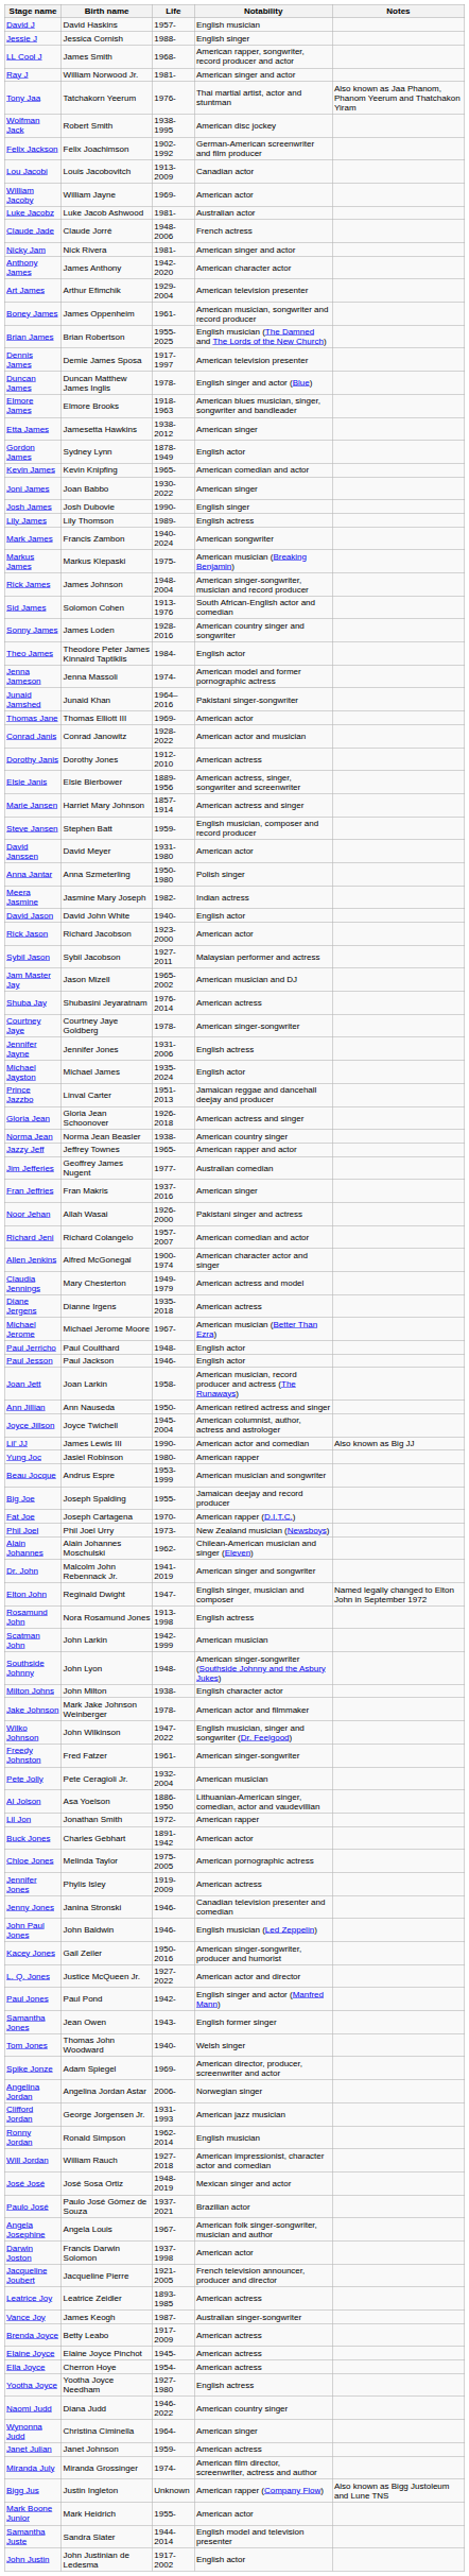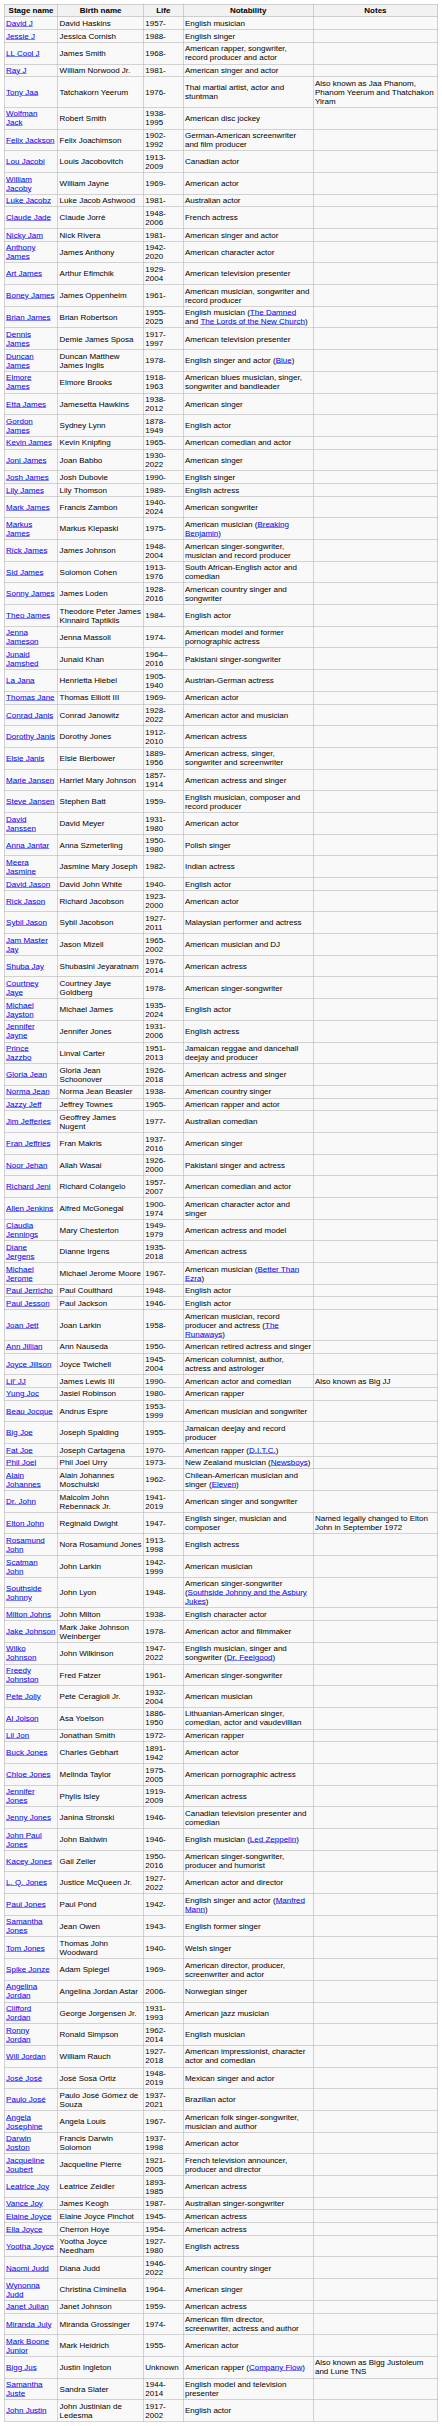 <table class="wikitable sortable">
 <tr>
 <th>Stage name</th>
 <th>Birth name</th>
 <th>Life</th>
 <th>Notability</th>
 <th>Notes</th>
 </tr>
 <tr>
 <td><a href='#'>David J</a></td>
 <td>David Haskins</td>
 <td>1957-</td>
 <td>English musician</td>
 <td></td>
 </tr>
 <tr>
 <td><a href='#'>Jessie J</a></td>
 <td>Jessica Cornish</td>
 <td>1988-</td>
 <td>English singer</td>
 <td></td>
 </tr>
 <tr>
 <td><a href='#'>LL Cool J</a></td>
 <td>James Smith</td>
 <td>1968-</td>
 <td>American rapper, songwriter, record producer and actor</td>
 <td></td>
 </tr>
 <tr>
 <td><a href='#'>Ray J</a></td>
 <td>William Norwood Jr.</td>
 <td>1981-</td>
 <td>American singer and actor</td>
 <td></td>
 </tr>
 <tr>
 <td><a href='#'>Tony Jaa</a></td>
 <td>Tatchakorn Yeerum</td>
 <td>1976-</td>
 <td>Thai martial artist, actor and stuntman</td>
 <td>Also known as Jaa Phanom, Phanom Yeerum and Thatchakon Yiram</td>
 </tr>
 <tr>
 <td><a href='#'>Wolfman Jack</a></td>
 <td>Robert Smith</td>
 <td>1938-1995</td>
 <td>American disc jockey</td>
 <td></td>
 </tr>
 <tr>
 <td><a href='#'>Felix Jackson</a></td>
 <td>Felix Joachimson</td>
 <td>1902-1992</td>
 <td>German-American screenwriter and film producer</td>
 <td></td>
 </tr>
 <tr>
 <td><a href='#'>Lou Jacobi</a></td>
 <td>Louis Jacobovitch</td>
 <td>1913-2009</td>
 <td>Canadian actor</td>
 <td></td>
 </tr>
 <tr>
 <td><a href='#'>William Jacoby</a></td>
 <td>William Jayne</td>
 <td>1969-</td>
 <td>American actor</td>
 <td></td>
 </tr>
 <tr>
 <td><a href='#'>Luke Jacobz</a></td>
 <td>Luke Jacob Ashwood</td>
 <td>1981-</td>
 <td>Australian actor</td>
 <td></td>
 </tr>
 <tr>
 <td><a href='#'>Claude Jade</a></td>
 <td>Claude Jorré</td>
 <td>1948-2006</td>
 <td>French actress</td>
 <td></td>
 </tr>
 <tr>
 <td><a href='#'>Nicky Jam</a></td>
 <td>Nick Rivera</td>
 <td>1981-</td>
 <td>American singer and actor</td>
 <td></td>
 </tr>
 <tr>
 <td><a href='#'>Anthony James</a></td>
 <td>James Anthony</td>
 <td>1942-2020</td>
 <td>American character actor</td>
 <td></td>
 </tr>
 <tr>
 <td><a href='#'>Art James</a></td>
 <td>Arthur Efimchik</td>
 <td>1929-2004</td>
 <td>American television presenter</td>
 <td></td>
 </tr>
 <tr>
 <td><a href='#'>Boney James</a></td>
 <td>James Oppenheim</td>
 <td>1961-</td>
 <td>American musician, songwriter and record producer</td>
 <td></td>
 </tr>
 <tr>
 <td><a href='#'>Brian James</a></td>
 <td>Brian Robertson</td>
 <td>1955-2025</td>
 <td>English musician (<a href='#'>The Damned</a> and <a href='#'>The Lords of the New Church</a>)</td>
 <td></td>
 </tr>
 <tr>
 <td><a href='#'>Dennis James</a></td>
 <td>Demie James Sposa</td>
 <td>1917-1997</td>
 <td>American television presenter</td>
 <td></td>
 </tr>
 <tr>
 <td><a href='#'>Duncan James</a></td>
 <td>Duncan Matthew James Inglis</td>
 <td>1978-</td>
 <td>English singer and actor (<a href='#'>Blue</a>)</td>
 <td></td>
 </tr>
 <tr>
 <td><a href='#'>Elmore James</a></td>
 <td>Elmore Brooks</td>
 <td>1918-1963</td>
 <td>American blues musician, singer, songwriter and bandleader</td>
 <td></td>
 </tr>
 <tr>
 <td><a href='#'>Etta James</a></td>
 <td>Jamesetta Hawkins</td>
 <td>1938-2012</td>
 <td>American singer</td>
 <td></td>
 </tr>
 <tr>
 <td><a href='#'>Gordon James</a></td>
 <td>Sydney Lynn</td>
 <td>1878-1949</td>
 <td>English actor</td>
 <td></td>
 </tr>
 <tr>
 <td><a href='#'>Kevin James</a></td>
 <td>Kevin Knipfing</td>
 <td>1965-</td>
 <td>American comedian and actor</td>
 <td></td>
 </tr>
 <tr>
 <td><a href='#'>Joni James</a></td>
 <td>Joan Babbo</td>
 <td>1930-2022</td>
 <td>American singer</td>
 <td></td>
 </tr>
 <tr>
 <td><a href='#'>Josh James</a></td>
 <td>Josh Dubovie</td>
 <td>1990-</td>
 <td>English singer</td>
 <td></td>
 </tr>
 <tr>
 <td><a href='#'>Lily James</a></td>
 <td>Lily Thomson</td>
 <td>1989-</td>
 <td>English actress</td>
 <td></td>
 </tr>
 <tr>
 <td><a href='#'>Mark James</a></td>
 <td>Francis Zambon</td>
 <td>1940-2024</td>
 <td>American songwriter</td>
 <td></td>
 </tr>
 <tr>
 <td><a href='#'>Markus James</a></td>
 <td>Markus Klepaski</td>
 <td>1975-</td>
 <td>American musician (<a href='#'>Breaking Benjamin</a>)</td>
 <td></td>
 </tr>
 <tr>
 <td><a href='#'>Rick James</a></td>
 <td>James Johnson</td>
 <td>1948-2004</td>
 <td>American singer-songwriter, musician and record producer</td>
 <td></td>
 </tr>
 <tr>
 <td><a href='#'>Sid James</a></td>
 <td>Solomon Cohen</td>
 <td>1913-1976</td>
 <td>South African-English actor and comedian</td>
 <td></td>
 </tr>
 <tr>
 <td><a href='#'>Sonny James</a></td>
 <td>James Loden</td>
 <td>1928-2016</td>
 <td>American country singer and songwriter</td>
 <td></td>
 </tr>
 <tr>
 <td><a href='#'>Theo James</a></td>
 <td>Theodore Peter James Kinnaird Taptiklis</td>
 <td>1984-</td>
 <td>English actor</td>
 <td></td>
 </tr>
 <tr>
 <td><a href='#'>Jenna Jameson</a></td>
 <td>Jenna Massoli</td>
 <td>1974-</td>
 <td>American model and former pornographic actress</td>
 <td></td>
 </tr>
 <tr>
 <td><a href='#'>Junaid Jamshed</a></td>
 <td>Junaid Khan</td>
 <td>1964–2016</td>
 <td>Pakistani singer-songwriter</td>
 <td></td>
 </tr>
 <tr>
+<td><a href='#'>La Jana</a></td>
+<td>Henrietta Hiebel</td>
+<td>1905-1940</td>
+<td>Austrian-German actress</td>
+<td></td>
+</tr>
+<tr>
 <td><a href='#'>Thomas Jane</a></td>
 <td>Thomas Elliott III</td>
 <td>1969-</td>
 <td>American actor</td>
 <td></td>
 </tr>
 <tr>
 <td><a href='#'>Conrad Janis</a></td>
 <td>Conrad Janowitz</td>
 <td>1928-2022</td>
 <td>American actor and musician</td>
 <td></td>
 </tr>
 <tr>
 <td><a href='#'>Dorothy Janis</a></td>
 <td>Dorothy Jones</td>
 <td>1912-2010</td>
 <td>American actress</td>
 <td></td>
 </tr>
 <tr>
 <td><a href='#'>Elsie Janis</a></td>
 <td>Elsie Bierbower</td>
 <td>1889-1956</td>
 <td>American actress, singer, songwriter and screenwriter</td>
 <td></td>
 </tr>
 <tr>
 <td><a href='#'>Marie Jansen</a></td>
 <td>Harriet Mary Johnson</td>
 <td>1857-1914</td>
 <td>American actress and singer</td>
 <td></td>
 </tr>
 <tr>
 <td><a href='#'>Steve Jansen</a></td>
 <td>Stephen Batt</td>
 <td>1959-</td>
 <td>English musician, composer and record producer</td>
 <td></td>
 </tr>
 <tr>
 <td><a href='#'>David Janssen</a></td>
 <td>David Meyer</td>
 <td>1931-1980</td>
 <td>American actor</td>
 <td></td>
 </tr>
 <tr>
 <td><a href='#'>Anna Jantar</a></td>
 <td>Anna Szmeterling</td>
 <td>1950-1980</td>
 <td>Polish singer</td>
 <td></td>
 </tr>
 <tr>
 <td><a href='#'>Meera Jasmine</a></td>
 <td>Jasmine Mary Joseph</td>
 <td>1982-</td>
 <td>Indian actress</td>
 <td></td>
 </tr>
 <tr>
 <td><a href='#'>David Jason</a></td>
 <td>David John White</td>
 <td>1940-</td>
 <td>English actor</td>
 <td></td>
 </tr>
 <tr>
 <td><a href='#'>Rick Jason</a></td>
 <td>Richard Jacobson</td>
 <td>1923-2000</td>
 <td>American actor</td>
 <td></td>
 </tr>
 <tr>
 <td><a href='#'>Sybil Jason</a></td>
 <td>Sybil Jacobson</td>
 <td>1927-2011</td>
 <td>Malaysian performer and actress</td>
 <td></td>
 </tr>
 <tr>
 <td><a href='#'>Jam Master Jay</a></td>
 <td>Jason Mizell</td>
 <td>1965-2002</td>
 <td>American musician and DJ</td>
 <td></td>
 </tr>
 <tr>
 <td><a href='#'>Shuba Jay</a></td>
 <td>Shubasini Jeyaratnam</td>
 <td>1976-2014</td>
 <td>American actress</td>
 <td></td>
 </tr>
 <tr>
 <td><a href='#'>Courtney Jaye</a></td>
 <td>Courtney Jaye Goldberg</td>
 <td>1978-</td>
 <td>American singer-songwriter</td>
 <td></td>
 </tr>
 <tr>
+<td><a href='#'>Michael Jayston</a></td>
+<td>Michael James</td>
+<td>1935-2024</td>
+<td>English actor</td>
+<td></td>
+</tr>
+<tr>
 <td><a href='#'>Jennifer Jayne</a></td>
 <td>Jennifer Jones</td>
 <td>1931-2006</td>
 <td>English actress</td>
-<td></td>
-</tr>
-<tr>
-<td><a href='#'>Michael Jayston</a></td>
-<td>Michael James</td>
-<td>1935-2024</td>
-<td>English actor</td>
 <td></td>
 </tr>
 <tr>
 <td><a href='#'>Prince Jazzbo</a></td>
 <td>Linval Carter</td>
 <td>1951-2013</td>
 <td>Jamaican reggae and dancehall deejay and producer</td>
 <td></td>
 </tr>
 <tr>
 <td><a href='#'>Gloria Jean</a></td>
 <td>Gloria Jean Schoonover</td>
 <td>1926-2018</td>
 <td>American actress and singer</td>
 <td></td>
 </tr>
 <tr>
 <td><a href='#'>Norma Jean</a></td>
 <td>Norma Jean Beasler</td>
 <td>1938-</td>
 <td>American country singer</td>
 <td></td>
 </tr>
 <tr>
 <td><a href='#'>Jazzy Jeff</a></td>
 <td>Jeffrey Townes</td>
 <td>1965-</td>
 <td>American rapper and actor</td>
 <td></td>
 </tr>
 <tr>
 <td><a href='#'>Jim Jefferies</a></td>
 <td>Geoffrey James Nugent</td>
 <td>1977-</td>
 <td>Australian comedian</td>
 <td></td>
 </tr>
 <tr>
 <td><a href='#'>Fran Jeffries</a></td>
 <td>Fran Makris</td>
 <td>1937-2016</td>
 <td>American singer</td>
 <td></td>
 </tr>
 <tr>
 <td><a href='#'>Noor Jehan</a></td>
 <td>Allah Wasai</td>
 <td>1926-2000</td>
 <td>Pakistani singer and actress</td>
 <td></td>
 </tr>
 <tr>
 <td><a href='#'>Richard Jeni</a></td>
 <td>Richard Colangelo</td>
 <td>1957-2007</td>
 <td>American comedian and actor</td>
 <td></td>
 </tr>
 <tr>
 <td><a href='#'>Allen Jenkins</a></td>
 <td>Alfred McGonegal</td>
 <td>1900-1974</td>
 <td>American character actor and singer</td>
 <td></td>
 </tr>
 <tr>
 <td><a href='#'>Claudia Jennings</a></td>
 <td>Mary Chesterton</td>
 <td>1949-1979</td>
 <td>American actress and model</td>
 <td></td>
 </tr>
 <tr>
 <td><a href='#'>Diane Jergens</a></td>
 <td>Dianne Irgens</td>
 <td>1935-2018</td>
 <td>American actress</td>
 <td></td>
 </tr>
 <tr>
 <td><a href='#'>Michael Jerome</a></td>
 <td>Michael Jerome Moore</td>
 <td>1967-</td>
 <td>American musician (<a href='#'>Better Than Ezra</a>)</td>
 <td></td>
 </tr>
 <tr>
 <td><a href='#'>Paul Jerricho</a></td>
 <td>Paul Coulthard</td>
 <td>1948-</td>
 <td>English actor</td>
 <td></td>
 </tr>
 <tr>
 <td><a href='#'>Paul Jesson</a></td>
 <td>Paul Jackson</td>
 <td>1946-</td>
 <td>English actor</td>
 <td></td>
 </tr>
 <tr>
 <td><a href='#'>Joan Jett</a></td>
 <td>Joan Larkin</td>
 <td>1958-</td>
 <td>American musician, record producer and actress (<a href='#'>The Runaways</a>)</td>
 <td></td>
 </tr>
 <tr>
 <td><a href='#'>Ann Jillian</a></td>
 <td>Ann Nauseda</td>
 <td>1950-</td>
 <td>American retired actress and singer</td>
 <td></td>
 </tr>
 <tr>
 <td><a href='#'>Joyce Jillson</a></td>
 <td>Joyce Twichell</td>
 <td>1945-2004</td>
 <td>American columnist, author, actress and astrologer</td>
 <td></td>
 </tr>
 <tr>
 <td><a href='#'>Lil' JJ</a></td>
 <td>James Lewis III</td>
 <td>1990-</td>
 <td>American actor and comedian</td>
 <td>Also known as Big JJ</td>
 </tr>
 <tr>
 <td><a href='#'>Yung Joc</a></td>
 <td>Jasiel Robinson</td>
 <td>1980-</td>
 <td>American rapper</td>
 <td></td>
 </tr>
 <tr>
 <td><a href='#'>Beau Jocque</a></td>
 <td>Andrus Espre</td>
 <td>1953-1999</td>
 <td>American musician and songwriter</td>
 <td></td>
 </tr>
 <tr>
 <td><a href='#'>Big Joe</a></td>
 <td>Joseph Spalding</td>
 <td>1955-</td>
 <td>Jamaican deejay and record producer</td>
 <td></td>
 </tr>
 <tr>
 <td><a href='#'>Fat Joe</a></td>
 <td>Joseph Cartagena</td>
 <td>1970-</td>
 <td>American rapper (<a href='#'>D.I.T.C.</a>)</td>
 <td></td>
 </tr>
 <tr>
 <td><a href='#'>Phil Joel</a></td>
 <td>Phil Joel Urry</td>
 <td>1973-</td>
 <td>New Zealand musician (<a href='#'>Newsboys</a>)</td>
 <td></td>
 </tr>
 <tr>
 <td><a href='#'>Alain Johannes</a></td>
 <td>Alain Johannes Moschulski</td>
 <td>1962-</td>
 <td>Chilean-American musician and singer (<a href='#'>Eleven</a>)</td>
 <td></td>
 </tr>
 <tr>
 <td><a href='#'>Dr. John</a></td>
 <td>Malcolm John Rebennack Jr.</td>
 <td>1941-2019</td>
 <td>American singer and songwriter</td>
 <td></td>
 </tr>
 <tr>
 <td><a href='#'>Elton John</a></td>
 <td>Reginald Dwight</td>
 <td>1947-</td>
 <td>English singer, musician and composer</td>
 <td>Named legally changed to Elton John in September 1972</td>
 </tr>
 <tr>
 <td><a href='#'>Rosamund John</a></td>
 <td>Nora Rosamund Jones</td>
 <td>1913-1998</td>
 <td>English actress</td>
 <td></td>
 </tr>
 <tr>
 <td><a href='#'>Scatman John</a></td>
 <td>John Larkin</td>
 <td>1942-1999</td>
 <td>American musician</td>
 <td></td>
 </tr>
 <tr>
 <td><a href='#'>Southside Johnny</a></td>
 <td>John Lyon</td>
 <td>1948-</td>
 <td>American singer-songwriter (<a href='#'>Southside Johnny and the Asbury Jukes</a>)</td>
 <td></td>
 </tr>
 <tr>
 <td><a href='#'>Milton Johns</a></td>
 <td>John Milton</td>
 <td>1938-</td>
 <td>English character actor</td>
 <td></td>
 </tr>
 <tr>
 <td><a href='#'>Jake Johnson</a></td>
 <td>Mark Jake Johnson Weinberger</td>
 <td>1978-</td>
 <td>American actor and filmmaker</td>
 <td></td>
 </tr>
 <tr>
 <td><a href='#'>Wilko Johnson</a></td>
 <td>John Wilkinson</td>
 <td>1947-2022</td>
 <td>English musician, singer and songwriter (<a href='#'>Dr. Feelgood</a>)</td>
 <td></td>
 </tr>
 <tr>
 <td><a href='#'>Freedy Johnston</a></td>
 <td>Fred Fatzer</td>
 <td>1961-</td>
 <td>American singer-songwriter</td>
 <td></td>
 </tr>
 <tr>
 <td><a href='#'>Pete Jolly</a></td>
 <td>Pete Ceragioli Jr.</td>
 <td>1932-2004</td>
 <td>American musician</td>
 <td></td>
 </tr>
 <tr>
 <td><a href='#'>Al Jolson</a></td>
 <td>Asa Yoelson</td>
 <td>1886-1950</td>
 <td>Lithuanian-American singer, comedian, actor and vaudevillian</td>
 <td></td>
 </tr>
 <tr>
 <td><a href='#'>Lil Jon</a></td>
 <td>Jonathan Smith</td>
 <td>1972-</td>
 <td>American rapper</td>
 <td></td>
 </tr>
 <tr>
 <td><a href='#'>Buck Jones</a></td>
 <td>Charles Gebhart</td>
 <td>1891-1942</td>
 <td>American actor</td>
 <td></td>
 </tr>
 <tr>
 <td><a href='#'>Chloe Jones</a></td>
 <td>Melinda Taylor</td>
 <td>1975-2005</td>
 <td>American pornographic actress</td>
 <td></td>
 </tr>
 <tr>
 <td><a href='#'>Jennifer Jones</a></td>
 <td>Phylis Isley</td>
 <td>1919-2009</td>
 <td>American actress</td>
 <td></td>
 </tr>
 <tr>
 <td><a href='#'>Jenny Jones</a></td>
 <td>Janina Stronski</td>
 <td>1946-</td>
 <td>Canadian television presenter and comedian</td>
 <td></td>
 </tr>
 <tr>
 <td><a href='#'>John Paul Jones</a></td>
 <td>John Baldwin</td>
 <td>1946-</td>
 <td>English musician (<a href='#'>Led Zeppelin</a>)</td>
 <td></td>
 </tr>
 <tr>
 <td><a href='#'>Kacey Jones</a></td>
 <td>Gail Zeiler</td>
 <td>1950-2016</td>
 <td>American singer-songwriter, producer and humorist</td>
 <td></td>
 </tr>
 <tr>
 <td><a href='#'>L. Q. Jones</a></td>
 <td>Justice McQueen Jr.</td>
 <td>1927-2022</td>
 <td>American actor and director</td>
 <td></td>
 </tr>
 <tr>
 <td><a href='#'>Paul Jones</a></td>
 <td>Paul Pond</td>
 <td>1942-</td>
 <td>English singer and actor (<a href='#'>Manfred Mann</a>)</td>
 <td></td>
 </tr>
 <tr>
 <td><a href='#'>Samantha Jones</a></td>
 <td>Jean Owen</td>
 <td>1943-</td>
 <td>English former singer</td>
 <td></td>
 </tr>
 <tr>
 <td><a href='#'>Tom Jones</a></td>
 <td>Thomas John Woodward</td>
 <td>1940-</td>
 <td>Welsh singer</td>
 <td></td>
 </tr>
 <tr>
 <td><a href='#'>Spike Jonze</a></td>
 <td>Adam Spiegel</td>
 <td>1969-</td>
 <td>American director, producer, screenwriter and actor</td>
 <td></td>
 </tr>
 <tr>
 <td><a href='#'>Angelina Jordan</a></td>
 <td>Angelina Jordan Astar</td>
 <td>2006-</td>
 <td>Norwegian singer</td>
 <td></td>
 </tr>
 <tr>
 <td><a href='#'>Clifford Jordan</a></td>
 <td>George Jorgensen Jr.</td>
 <td>1931-1993</td>
 <td>American jazz musician</td>
 <td></td>
 </tr>
 <tr>
 <td><a href='#'>Ronny Jordan</a></td>
 <td>Ronald Simpson</td>
 <td>1962-2014</td>
 <td>English musician</td>
 <td></td>
 </tr>
 <tr>
 <td><a href='#'>Will Jordan</a></td>
 <td>William Rauch</td>
 <td>1927-2018</td>
 <td>American impressionist, character actor and comedian</td>
 <td></td>
 </tr>
 <tr>
 <td><a href='#'>José José</a></td>
 <td>José Sosa Ortiz</td>
 <td>1948-2019</td>
 <td>Mexican singer and actor</td>
 <td></td>
 </tr>
 <tr>
 <td><a href='#'>Paulo José</a></td>
 <td>Paulo José Gómez de Souza</td>
 <td>1937-2021</td>
 <td>Brazilian actor</td>
 <td></td>
 </tr>
 <tr>
 <td><a href='#'>Angela Josephine</a></td>
 <td>Angela Louis</td>
 <td>1967-</td>
 <td>American folk singer-songwriter, musician and author</td>
 <td></td>
 </tr>
 <tr>
 <td><a href='#'>Darwin Joston</a></td>
 <td>Francis Darwin Solomon</td>
 <td>1937-1998</td>
 <td>American actor</td>
 <td></td>
 </tr>
 <tr>
 <td><a href='#'>Jacqueline Joubert</a></td>
 <td>Jacqueline Pierre</td>
 <td>1921-2005</td>
 <td>French television announcer, producer and director</td>
 <td></td>
 </tr>
 <tr>
 <td><a href='#'>Leatrice Joy</a></td>
 <td>Leatrice Zeidler</td>
 <td>1893-1985</td>
 <td>American actress</td>
 <td></td>
 </tr>
 <tr>
 <td><a href='#'>Vance Joy</a></td>
 <td>James Keogh</td>
 <td>1987-</td>
 <td>Australian singer-songwriter</td>
 <td></td>
 </tr>
 <tr>
-<td><a href='#'>Brenda Joyce</a></td>
-<td>Betty Leabo</td>
-<td>1917-2009</td>
-<td>American actress</td>
-<td></td>
-</tr>
-<tr>
 <td><a href='#'>Elaine Joyce</a></td>
 <td>Elaine Joyce Pinchot</td>
 <td>1945-</td>
 <td>American actress</td>
 <td></td>
 </tr>
 <tr>
 <td><a href='#'>Ella Joyce</a></td>
 <td>Cherron Hoye</td>
 <td>1954-</td>
 <td>American actress</td>
 <td></td>
 </tr>
 <tr>
 <td><a href='#'>Yootha Joyce</a></td>
 <td>Yootha Joyce Needham</td>
 <td>1927-1980</td>
 <td>English actress</td>
 <td></td>
 </tr>
 <tr>
 <td><a href='#'>Naomi Judd</a></td>
 <td>Diana Judd</td>
 <td>1946-2022</td>
 <td>American country singer</td>
 <td></td>
 </tr>
 <tr>
 <td><a href='#'>Wynonna Judd</a></td>
 <td>Christina Ciminella</td>
 <td>1964-</td>
 <td>American singer</td>
 </tr>
 <tr>
 <td><a href='#'>Janet Julian</a></td>
 <td>Janet Johnson</td>
 <td>1959-</td>
 <td>American actress</td>
 <td></td>
 </tr>
 <tr>
 <td><a href='#'>Miranda July</a></td>
 <td>Miranda Grossinger</td>
 <td>1974-</td>
 <td>American film director, screenwriter, actress and author</td>
 <td></td>
 </tr>
 <tr>
+<td><a href='#'>Mark Boone Junior</a></td>
+<td>Mark Heidrich</td>
+<td>1955-</td>
+<td>American actor</td>
+<td></td>
+</tr>
+<tr>
 <td><a href='#'>Bigg Jus</a></td>
 <td>Justin Ingleton</td>
 <td>Unknown</td>
 <td>American rapper (<a href='#'>Company Flow</a>)</td>
 <td>Also known as Bigg Justoleum and Lune TNS</td>
-</tr>
-<tr>
-<td><a href='#'>Mark Boone Junior</a></td>
-<td>Mark Heidrich</td>
-<td>1955-</td>
-<td>American actor</td>
-<td></td>
 </tr>
 <tr>
 <td><a href='#'>Samantha Juste</a></td>
 <td>Sandra Slater</td>
 <td>1944-2014</td>
 <td>English model and television presenter</td>
 <td></td>
 </tr>
 <tr>
 <td><a href='#'>John Justin</a></td>
 <td>John Justinian de Ledesma</td>
 <td>1917-2002</td>
 <td>English actor</td>
 <td></td>
 </tr>
 </table>
